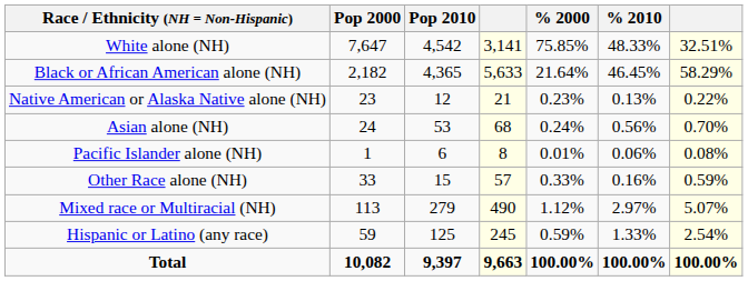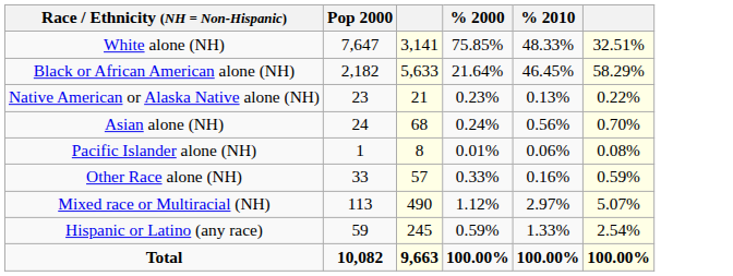 <table class="wikitable" style="text-align:center;">
 <tr>
 <th>Race / Ethnicity <small>(<em>NH = Non-Hispanic</em>)</small></th>
 <th>Pop 2000</th>
-<th>Pop 2010</th>
 <th></th>
 <th>% 2000</th>
 <th>% 2010</th>
 <th></th>
 </tr>
 <tr>
 <td><a href='#'>White</a> alone (NH)</td>
 <td>7,647</td>
-<td>4,542</td>
 <td style='background: #ffffe6;'>3,141</td>
 <td>75.85%</td>
 <td>48.33%</td>
 <td style='background: #ffffe6;'>32.51%</td>
 </tr>
 <tr>
 <td><a href='#'>Black or African American</a> alone (NH)</td>
 <td>2,182</td>
-<td>4,365</td>
 <td style='background: #ffffe6;'>5,633</td>
 <td>21.64%</td>
 <td>46.45%</td>
 <td style='background: #ffffe6;'>58.29%</td>
 </tr>
 <tr>
 <td><a href='#'>Native American</a> or <a href='#'>Alaska Native</a> alone (NH)</td>
 <td>23</td>
-<td>12</td>
 <td style='background: #ffffe6;'>21</td>
 <td>0.23%</td>
 <td>0.13%</td>
 <td style='background: #ffffe6;'>0.22%</td>
 </tr>
 <tr>
 <td><a href='#'>Asian</a> alone (NH)</td>
 <td>24</td>
-<td>53</td>
 <td style='background: #ffffe6;'>68</td>
 <td>0.24%</td>
 <td>0.56%</td>
 <td style='background: #ffffe6;'>0.70%</td>
 </tr>
 <tr>
 <td><a href='#'>Pacific Islander</a> alone (NH)</td>
 <td>1</td>
-<td>6</td>
 <td style='background: #ffffe6;'>8</td>
 <td>0.01%</td>
 <td>0.06%</td>
 <td style='background: #ffffe6;'>0.08%</td>
 </tr>
 <tr>
 <td><a href='#'>Other Race</a> alone (NH)</td>
 <td>33</td>
-<td>15</td>
 <td style='background: #ffffe6;'>57</td>
 <td>0.33%</td>
 <td>0.16%</td>
 <td style='background: #ffffe6;'>0.59%</td>
 </tr>
 <tr>
 <td><a href='#'>Mixed race or Multiracial</a> (NH)</td>
 <td>113</td>
-<td>279</td>
 <td style='background: #ffffe6;'>490</td>
 <td>1.12%</td>
 <td>2.97%</td>
 <td style='background: #ffffe6;'>5.07%</td>
 </tr>
 <tr>
 <td><a href='#'>Hispanic or Latino</a> (any race)</td>
 <td>59</td>
-<td>125</td>
 <td style='background: #ffffe6;'>245</td>
 <td>0.59%</td>
 <td>1.33%</td>
 <td style='background: #ffffe6;'>2.54%</td>
 </tr>
 <tr>
 <td><strong>Total</strong></td>
 <td><strong>10,082</strong></td>
-<td><strong>9,397</strong></td>
 <td style='background: #ffffe6;'><strong>9,663</strong></td>
 <td><strong>100.00%</strong></td>
 <td><strong>100.00%</strong></td>
 <td style='background: #ffffe6;'><strong>100.00%</strong></td>
 </tr>
 </table>
